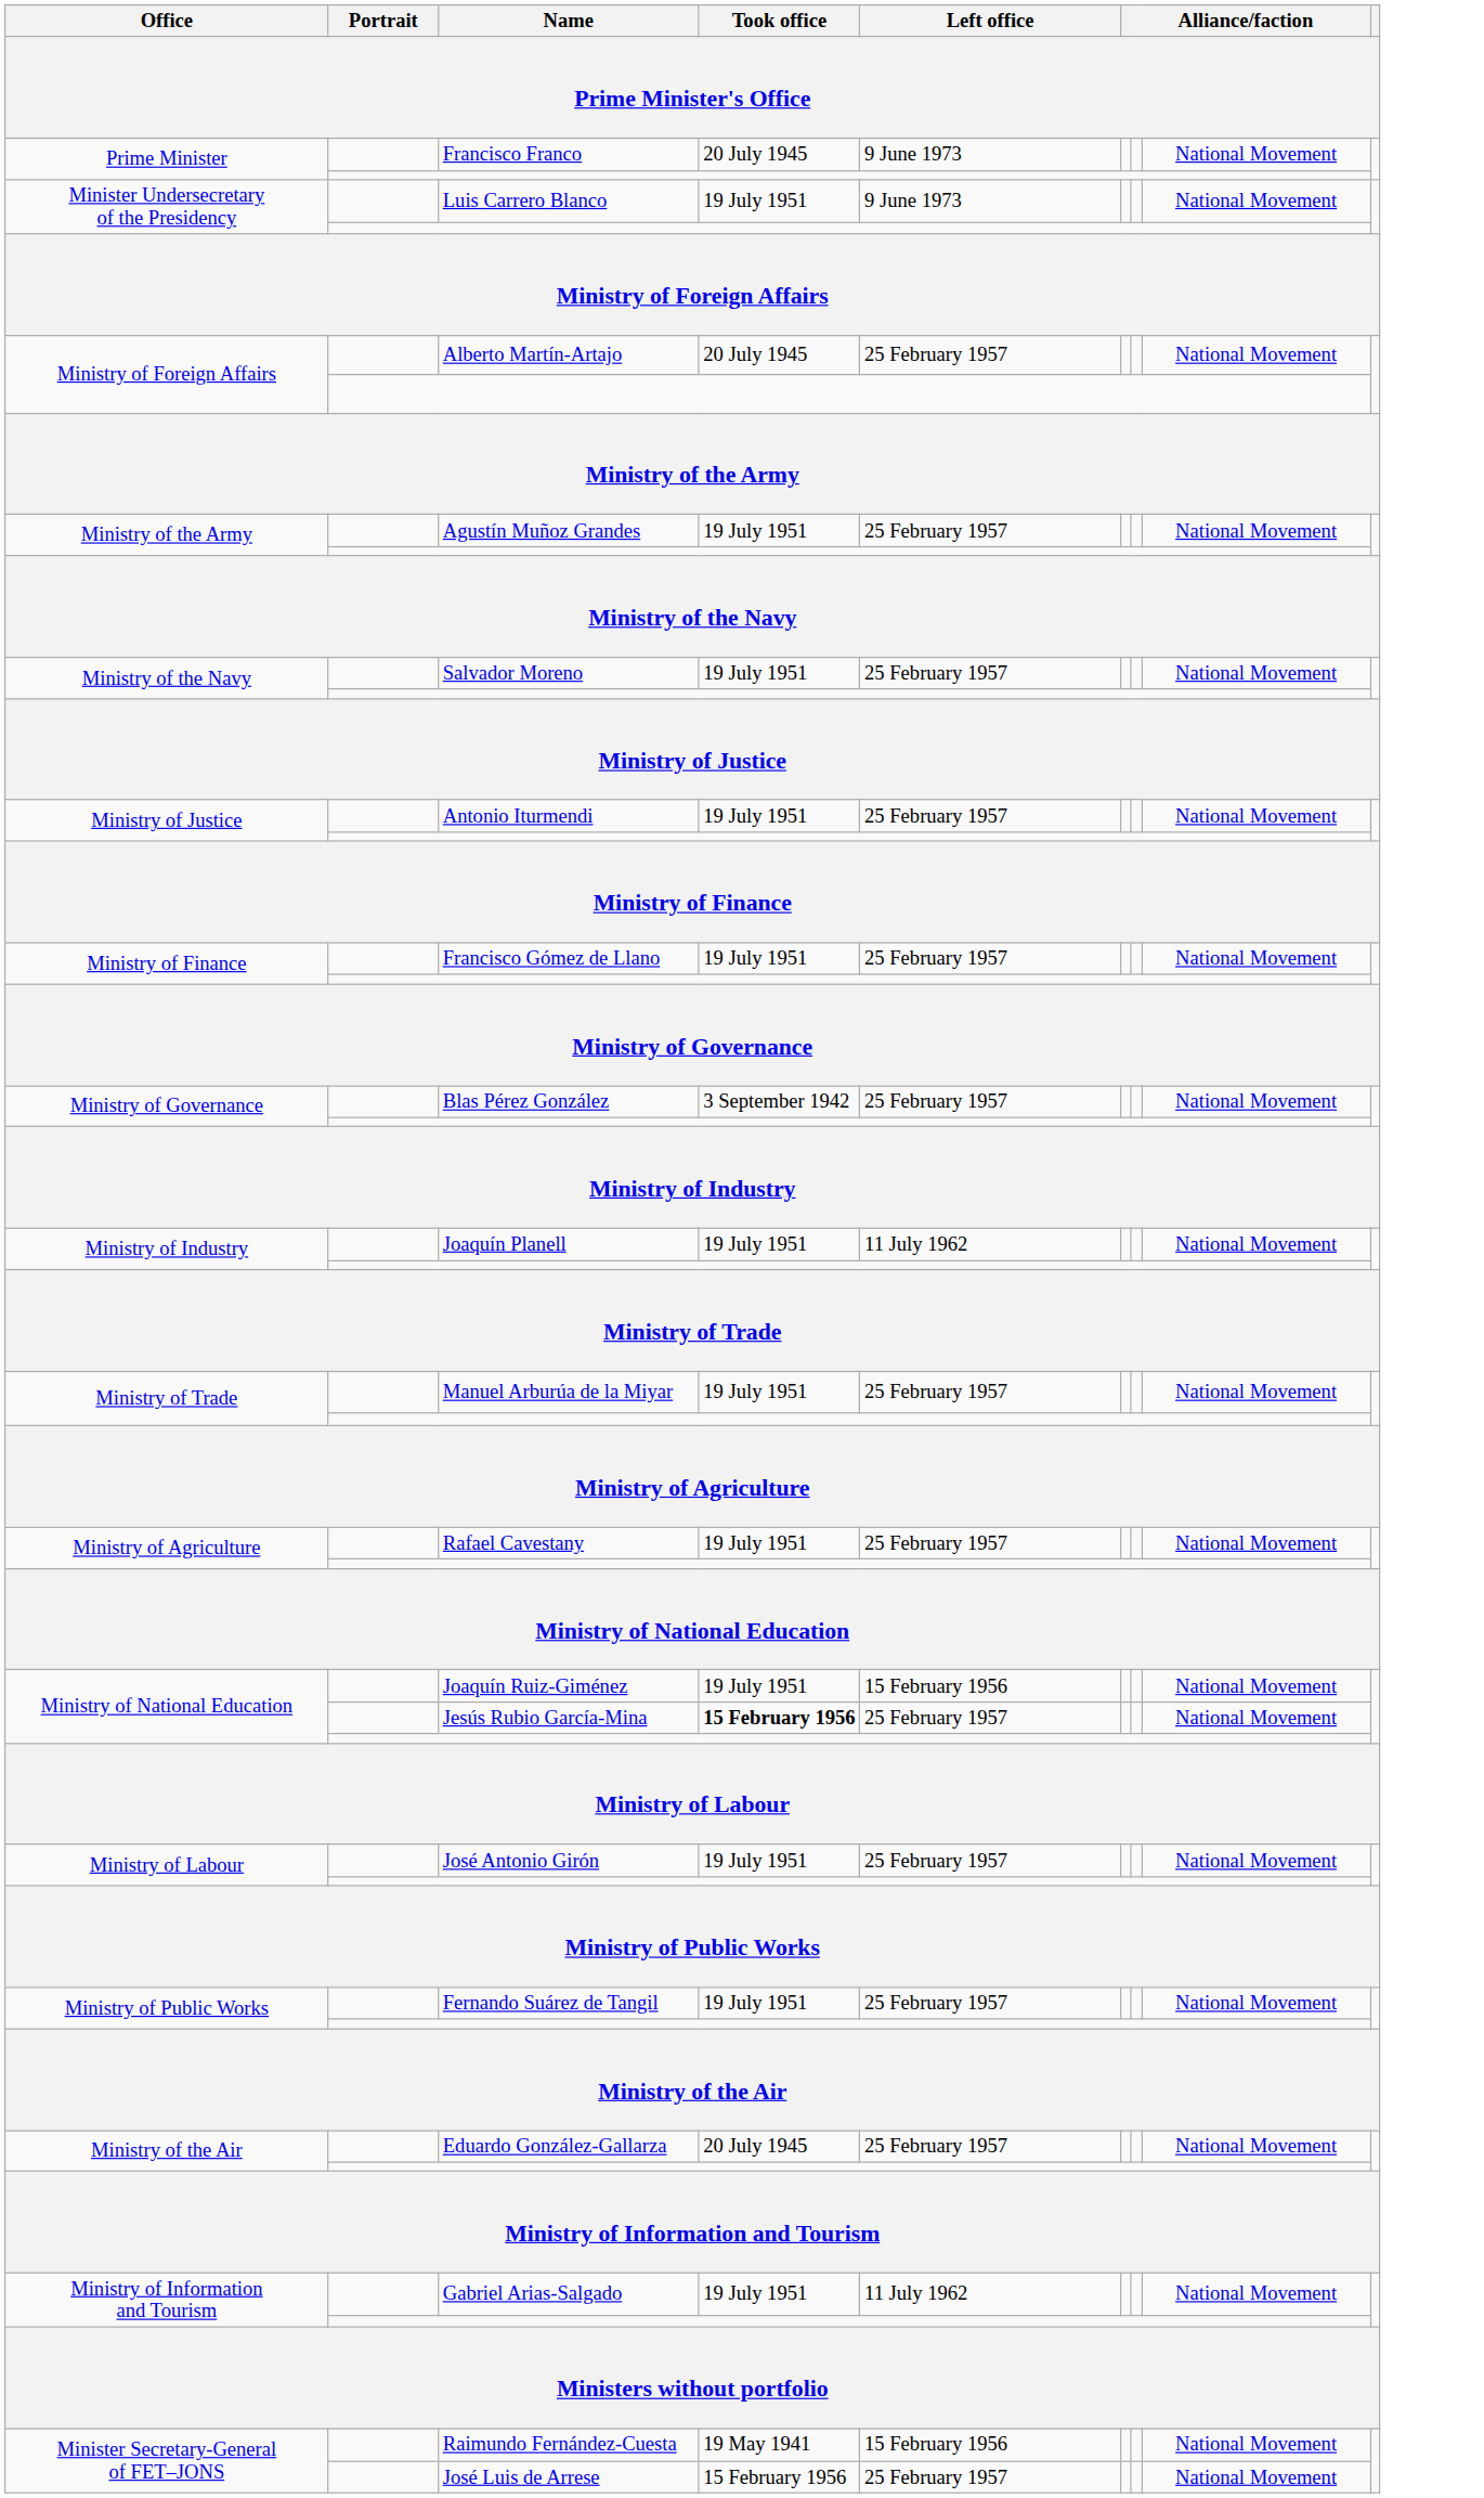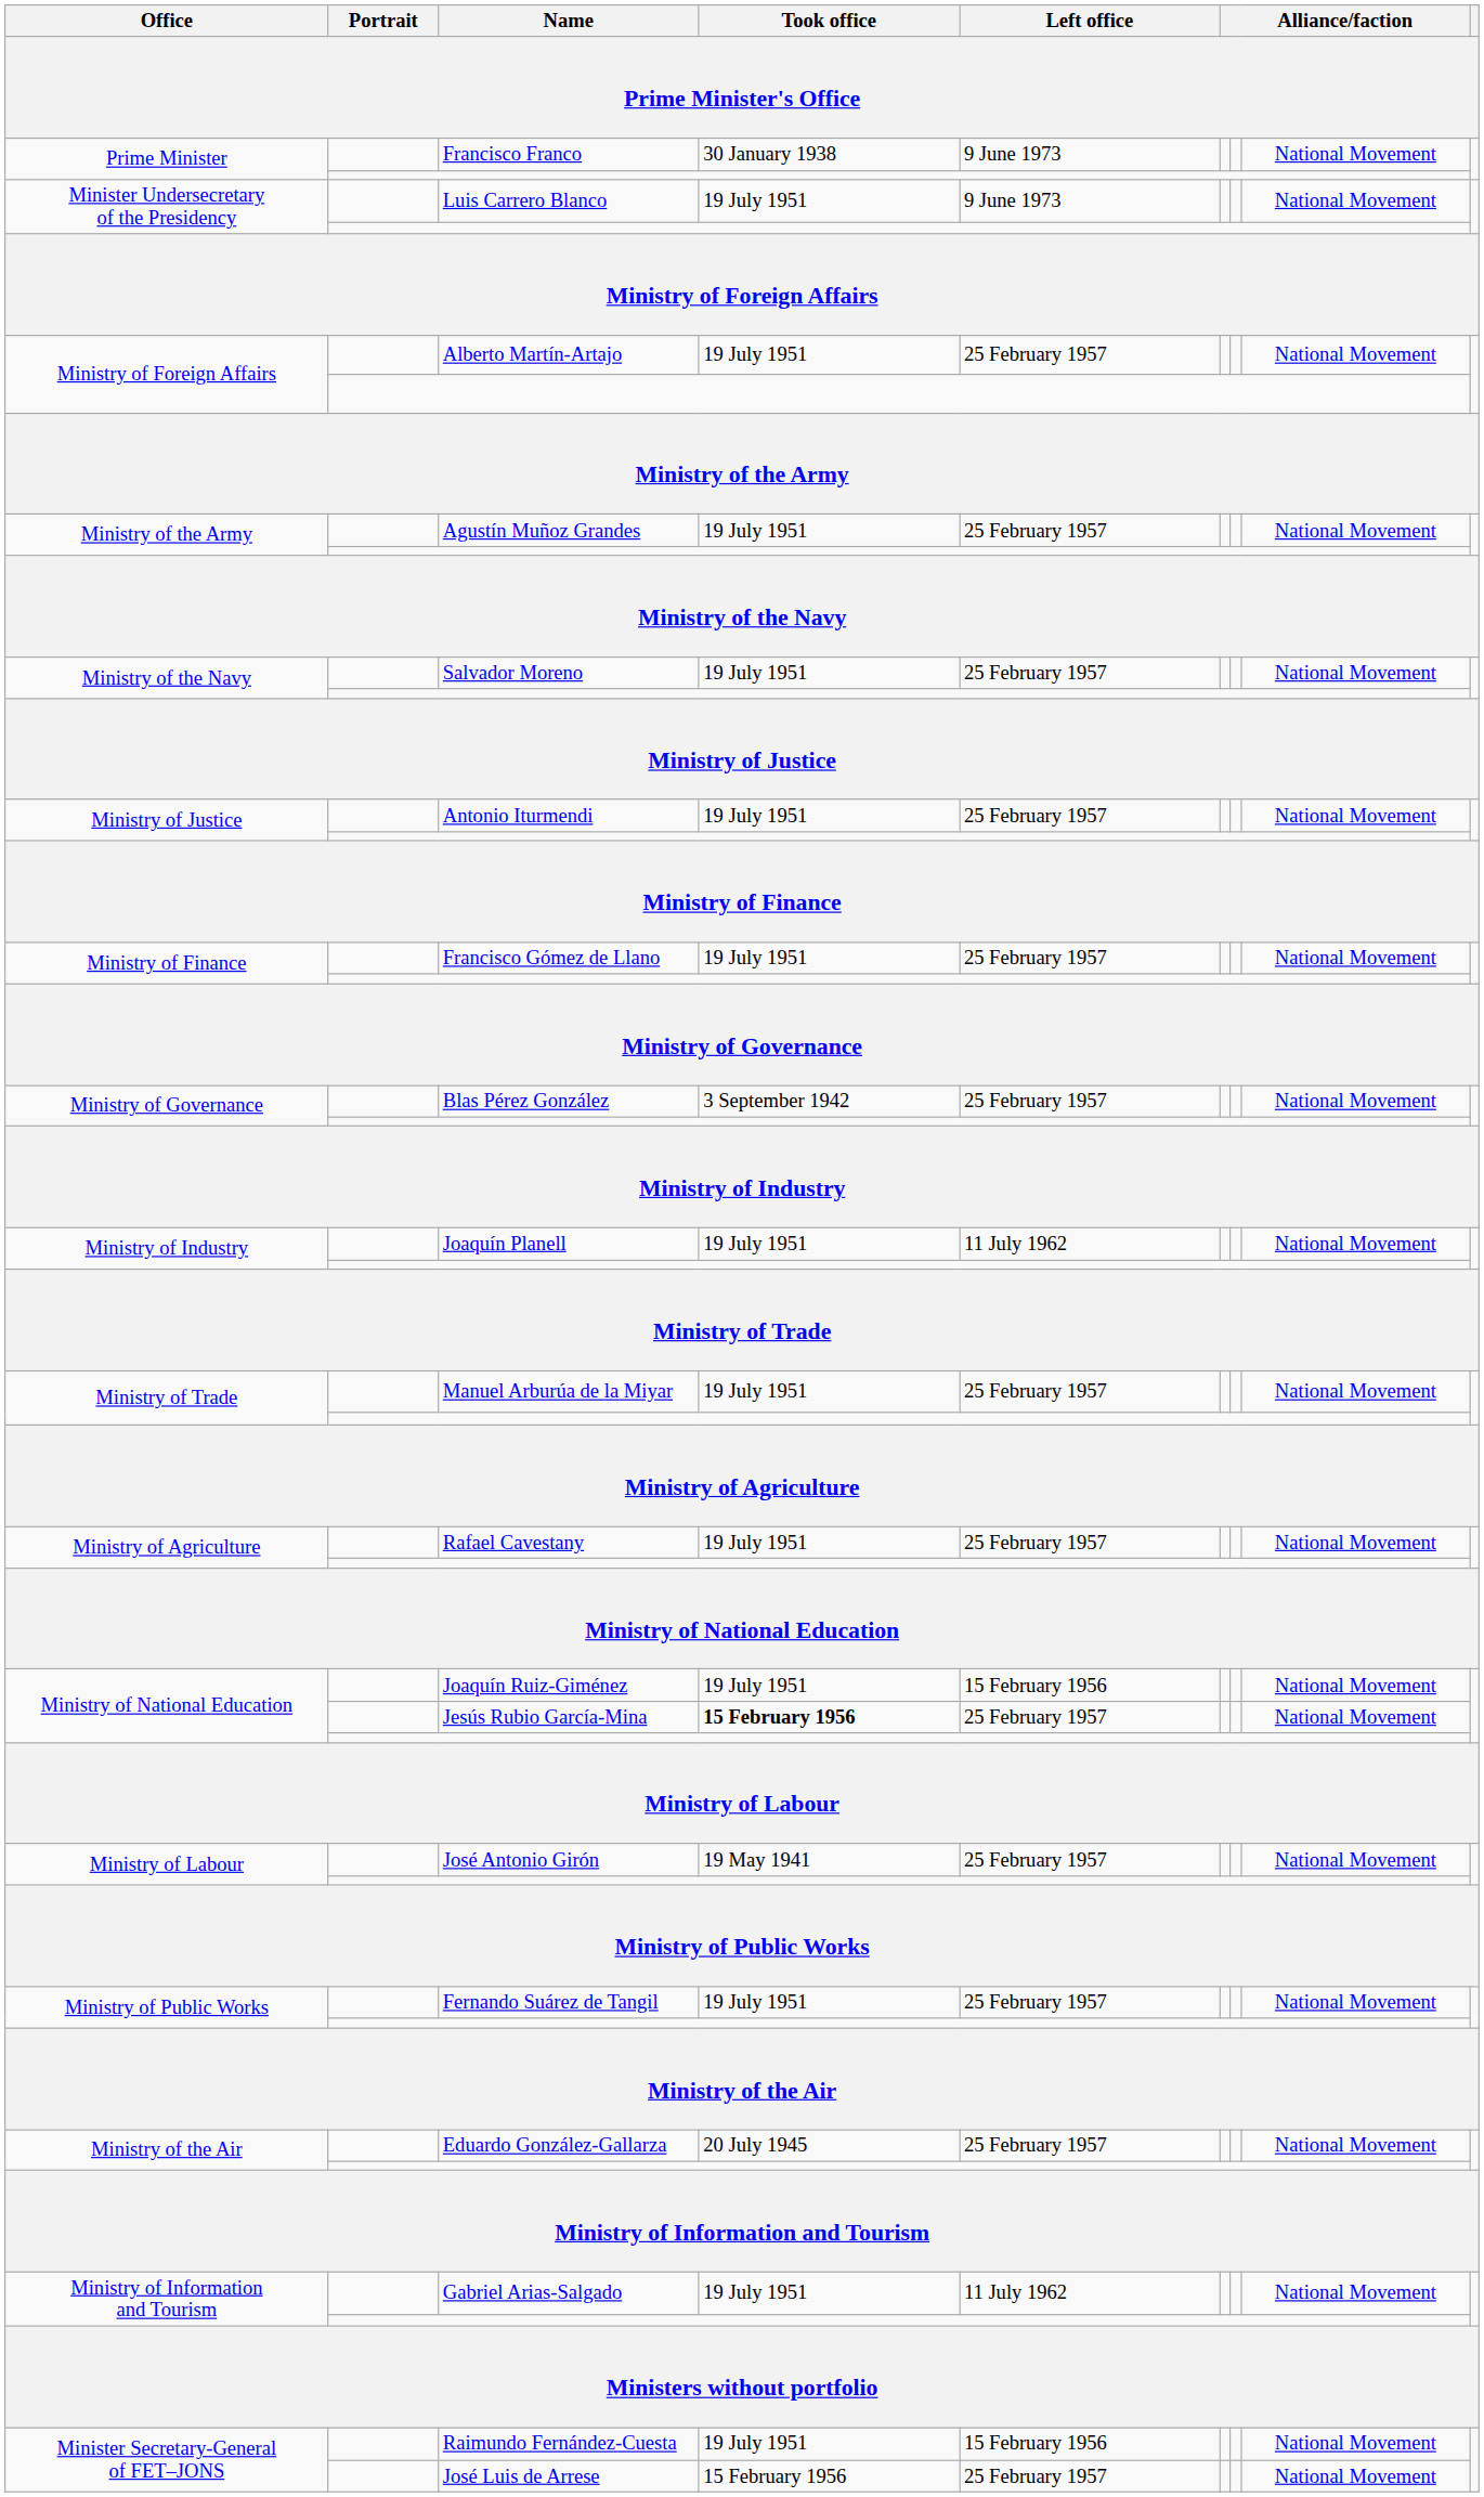 <table class="wikitable" style="line-height:18px;">
 <tr>
 <th scope="col">Office<br></th>
 <th scope="col">Portrait</th>
 <th scope="col">Name</th>
 <th scope="col">Took office</th>
 <th scope="col">Left office</th>
 <th colspan="3" scope="col">Alliance/faction</th>
 <th></th>
 </tr>
 <tr>
 <th colspan="9"><br><h3><a href='#'>Prime Minister's Office</a></h3></th>
 </tr>
 <tr>
 <td align="center" rowspan="2" width="250"><a href='#'>Prime Minister</a><br></td>
 <td width="80"></td>
 <td width="200"><a href='#'>Francisco Franco</a></td>
-<td>20 July 1945</td>
+<td width="200">30 January 1938</td>
 <td width="200">9 June 1973</td>
 <td width="1" style="background-color:"></td>
 <td width="1" style="background-color:"></td>
 <td width="175" align="center"><a href='#'>National Movement</a><br></td>
 <td align="center" rowspan="2"></td>
 </tr>
 <tr>
 <td colspan="7"></td>
 </tr>
 <tr>
 <td align="center" rowspan="2"><a href='#'>Minister Undersecretary<br>of the Presidency</a><br></td>
 <td></td>
 <td><a href='#'>Luis Carrero Blanco</a></td>
 <td>19 July 1951</td>
 <td>9 June 1973</td>
 <td style="background-color:"></td>
 <td style="background-color:"></td>
 <td align="center"><a href='#'>National Movement</a><br></td>
 <td align="center" rowspan="2"></td>
 </tr>
 <tr>
 <td colspan="7"></td>
 </tr>
 <tr>
 <th colspan="9"><br><h3><a href='#'>Ministry of Foreign Affairs</a></h3></th>
 </tr>
 <tr>
 <td align="center" rowspan="2"><a href='#'>Ministry of Foreign Affairs</a><br></td>
 <td></td>
 <td><a href='#'>Alberto Martín-Artajo</a></td>
-<td>20 July 1945</td>
+<td>19 July 1951</td>
 <td>25 February 1957</td>
 <td style="background-color:"></td>
 <td style="background-color:"></td>
 <td align="center"><a href='#'>National Movement</a><br></td>
 <td align="center" rowspan="2"><br><br><br></td>
 </tr>
 <tr>
 <td colspan="7"><br></td>
 </tr>
 <tr>
 <th colspan="9"><br><h3><a href='#'>Ministry of the Army</a></h3></th>
 </tr>
 <tr>
 <td align="center" rowspan="2"><a href='#'>Ministry of the Army</a><br></td>
 <td></td>
 <td><a href='#'>Agustín Muñoz Grandes</a></td>
 <td>19 July 1951</td>
 <td>25 February 1957</td>
 <td style="background-color:"></td>
 <td style="background-color:"></td>
 <td align="center"><a href='#'>National Movement</a><br></td>
 <td align="center" rowspan="2"></td>
 </tr>
 <tr>
 <td colspan="7"></td>
 </tr>
 <tr>
 <th colspan="9"><br><h3><a href='#'>Ministry of the Navy</a></h3></th>
 </tr>
 <tr>
 <td align="center" rowspan="2"><a href='#'>Ministry of the Navy</a><br></td>
 <td></td>
 <td><a href='#'>Salvador Moreno</a></td>
 <td>19 July 1951</td>
 <td>25 February 1957</td>
 <td style="background-color:"></td>
 <td style="background-color:"></td>
 <td align="center"><a href='#'>National Movement</a><br></td>
 <td align="center" rowspan="2"></td>
 </tr>
 <tr>
 <td colspan="7"></td>
 </tr>
 <tr>
 <th colspan="9"><br><h3><a href='#'>Ministry of Justice</a></h3></th>
 </tr>
 <tr>
 <td align="center" rowspan="2"><a href='#'>Ministry of Justice</a><br></td>
 <td></td>
 <td><a href='#'>Antonio Iturmendi</a></td>
 <td>19 July 1951</td>
 <td>25 February 1957</td>
 <td style="background-color:"></td>
 <td style="background-color:"></td>
 <td align="center"><a href='#'>National Movement</a><br></td>
 <td align="center" rowspan="2"></td>
 </tr>
 <tr>
 <td colspan="7"></td>
 </tr>
 <tr>
 <th colspan="9"><br><h3><a href='#'>Ministry of Finance</a></h3></th>
 </tr>
 <tr>
 <td align="center" rowspan="2"><a href='#'>Ministry of Finance</a><br></td>
 <td></td>
 <td><a href='#'>Francisco Gómez de Llano</a></td>
 <td>19 July 1951</td>
 <td>25 February 1957</td>
 <td style="background-color:"></td>
 <td style="background-color:"></td>
 <td align="center"><a href='#'>National Movement</a><br></td>
 <td align="center" rowspan="2"></td>
 </tr>
 <tr>
 <td colspan="7"></td>
 </tr>
 <tr>
 <th colspan="9"><br><h3><a href='#'>Ministry of Governance</a></h3></th>
 </tr>
 <tr>
 <td align="center" rowspan="2"><a href='#'>Ministry of Governance</a><br></td>
 <td></td>
 <td><a href='#'>Blas Pérez González</a></td>
 <td>3 September 1942</td>
 <td>25 February 1957</td>
 <td style="background-color:"></td>
 <td style="background-color:"></td>
 <td align="center"><a href='#'>National Movement</a><br></td>
 <td align="center" rowspan="2"></td>
 </tr>
 <tr>
 <td colspan="7"></td>
 </tr>
 <tr>
 <th colspan="9"><br><h3><a href='#'>Ministry of Industry</a></h3></th>
 </tr>
 <tr>
 <td align="center" rowspan="2"><a href='#'>Ministry of Industry</a><br></td>
 <td></td>
 <td><a href='#'>Joaquín Planell</a></td>
 <td>19 July 1951</td>
 <td>11 July 1962</td>
 <td style="background-color:"></td>
 <td style="background-color:"></td>
 <td align="center"><a href='#'>National Movement</a><br></td>
 <td align="center" rowspan="2"></td>
 </tr>
 <tr>
 <td colspan="7"></td>
 </tr>
 <tr>
 <th colspan="9"><br><h3><a href='#'>Ministry of Trade</a></h3></th>
 </tr>
 <tr>
 <td align="center" rowspan="2"><a href='#'>Ministry of Trade</a><br></td>
 <td></td>
 <td><a href='#'>Manuel Arburúa de la Miyar</a></td>
 <td>19 July 1951</td>
 <td>25 February 1957</td>
 <td style="background-color:"></td>
 <td style="background-color:"></td>
 <td align="center"><a href='#'>National Movement</a><br></td>
 <td align="center" rowspan="2"><br><br></td>
 </tr>
 <tr>
 <td colspan="7"></td>
 </tr>
 <tr>
 <th colspan="9"><br><h3><a href='#'>Ministry of Agriculture</a></h3></th>
 </tr>
 <tr>
 <td align="center" rowspan="2"><a href='#'>Ministry of Agriculture</a><br></td>
 <td></td>
 <td><a href='#'>Rafael Cavestany</a></td>
 <td>19 July 1951</td>
 <td>25 February 1957</td>
 <td style="background-color:"></td>
 <td style="background-color:"></td>
 <td align="center"><a href='#'>National Movement</a><br></td>
 <td align="center" rowspan="2"></td>
 </tr>
 <tr>
 <td colspan="7"></td>
 </tr>
 <tr>
 <th colspan="9"><br><h3><a href='#'>Ministry of National Education</a></h3></th>
 </tr>
 <tr>
 <td align="center" rowspan="3"><a href='#'>Ministry of National Education</a><br></td>
 <td></td>
 <td><a href='#'>Joaquín Ruiz-Giménez</a></td>
 <td>19 July 1951</td>
 <td>15 February 1956</td>
 <td style="background-color:"></td>
 <td style="background-color:"></td>
 <td align="center"><a href='#'>National Movement</a><br></td>
 <td align="center" rowspan="3"></td>
 </tr>
 <tr>
 <td></td>
 <td><a href='#'>Jesús Rubio García-Mina</a></td>
 <td><strong>15 February 1956</strong></td>
 <td>25 February 1957</td>
 <td style="background-color:"></td>
 <td style="background-color:"></td>
 <td align="center"><a href='#'>National Movement</a><br></td>
 </tr>
 <tr>
 <td colspan="7"></td>
 </tr>
 <tr>
 <th colspan="9"><br><h3><a href='#'>Ministry of Labour</a></h3></th>
 </tr>
 <tr>
 <td align="center" rowspan="2"><a href='#'>Ministry of Labour</a><br></td>
 <td></td>
 <td><a href='#'>José Antonio Girón</a></td>
-<td>19 July 1951</td>
+<td>19 May 1941</td>
 <td>25 February 1957</td>
 <td style="background-color:"></td>
 <td style="background-color:"></td>
 <td align="center"><a href='#'>National Movement</a><br></td>
 <td align="center" rowspan="2"></td>
 </tr>
 <tr>
 <td colspan="7"></td>
 </tr>
 <tr>
 <th colspan="9"><br><h3><a href='#'>Ministry of Public Works</a></h3></th>
 </tr>
 <tr>
 <td align="center" rowspan="2"><a href='#'>Ministry of Public Works</a><br></td>
 <td></td>
 <td><a href='#'>Fernando Suárez de Tangil</a></td>
 <td>19 July 1951</td>
 <td>25 February 1957</td>
 <td style="background-color:"></td>
 <td style="background-color:"></td>
 <td align="center"><a href='#'>National Movement</a><br></td>
 <td align="center" rowspan="2"></td>
 </tr>
 <tr>
 <td colspan="7"></td>
 </tr>
 <tr>
 <th colspan="9"><br><h3><a href='#'>Ministry of the Air</a></h3></th>
 </tr>
 <tr>
 <td align="center" rowspan="2"><a href='#'>Ministry of the Air</a><br></td>
 <td></td>
 <td><a href='#'>Eduardo González-Gallarza</a></td>
 <td>20 July 1945</td>
 <td>25 February 1957</td>
 <td style="background-color:"></td>
 <td style="background-color:"></td>
 <td align="center"><a href='#'>National Movement</a><br></td>
 <td align="center" rowspan="2"></td>
 </tr>
 <tr>
 <td colspan="7"></td>
 </tr>
 <tr>
 <th colspan="9"><br><h3><a href='#'>Ministry of Information and Tourism</a></h3></th>
 </tr>
 <tr>
 <td align="center" rowspan="2"><a href='#'>Ministry of Information<br>and Tourism</a><br></td>
 <td></td>
 <td><a href='#'>Gabriel Arias-Salgado</a></td>
 <td>19 July 1951</td>
 <td>11 July 1962</td>
 <td style="background-color:"></td>
 <td style="background-color:"></td>
 <td align="center"><a href='#'>National Movement</a><br></td>
 <td align="center" rowspan="2"><br></td>
 </tr>
 <tr>
 <td colspan="7"></td>
 </tr>
 <tr>
 <th colspan="9"><br><h3><a href='#'>Ministers without portfolio</a></h3></th>
 </tr>
 <tr>
 <td align="center" rowspan="2"><a href='#'>Minister Secretary-General<br>of FET–JONS</a><br></td>
 <td></td>
 <td><a href='#'>Raimundo Fernández-Cuesta</a></td>
-<td>19 May 1941</td>
+<td>19 July 1951</td>
 <td>15 February 1956</td>
 <td style="background-color:"></td>
 <td style="background-color:"></td>
 <td align="center"><a href='#'>National Movement</a><br></td>
 <td align="center" rowspan="2"></td>
 </tr>
 <tr>
 <td></td>
 <td><a href='#'>José Luis de Arrese</a></td>
 <td>15 February 1956</td>
 <td>25 February 1957</td>
 <td style="background-color:"></td>
 <td style="background-color:"></td>
 <td align="center"><a href='#'>National Movement</a><br></td>
 </tr>
 </table>
